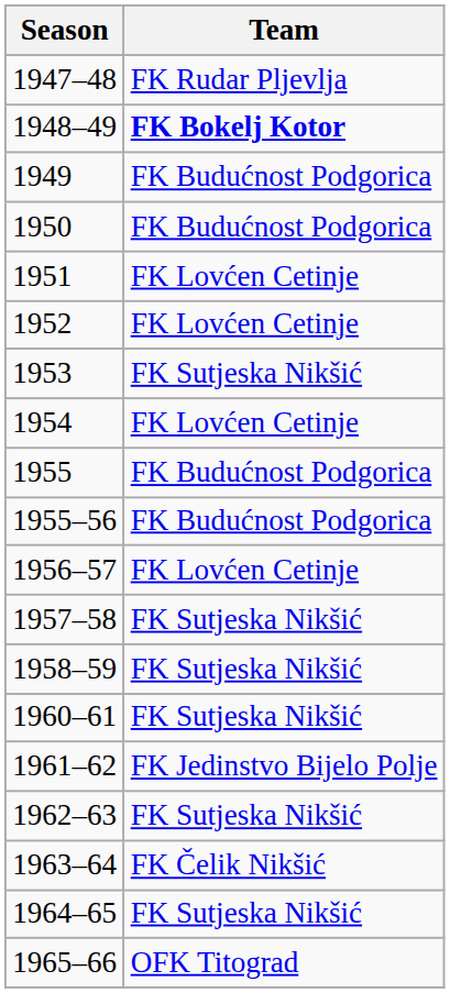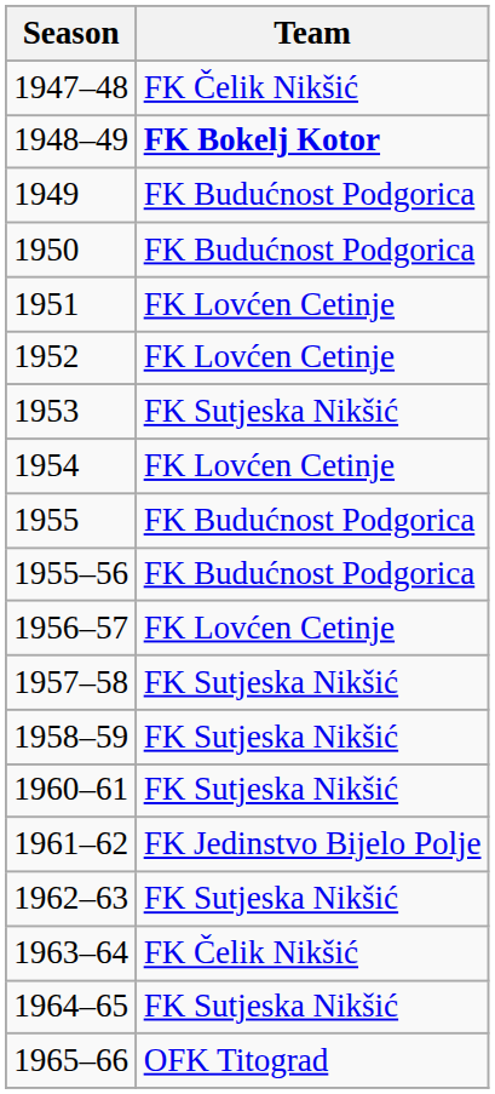 <table class="wikitable" style="font-size:90%">
 <tr>
 <th>Season</th>
 <th>Team</th>
 </tr>
 <tr>
 <td>1947–48</td>
-<td><a href='#'>FK Rudar Pljevlja</a></td>
+<td><a href='#'>FK Čelik Nikšić</a></td>
 </tr>
 <tr>
 <td>1948–49</td>
 <td><strong><a href='#'>FK Bokelj Kotor</a></strong></td>
 </tr>
 <tr>
 <td>1949</td>
 <td><a href='#'>FK Budućnost Podgorica</a></td>
 </tr>
 <tr>
 <td>1950</td>
 <td><a href='#'>FK Budućnost Podgorica</a></td>
 </tr>
 <tr>
 <td>1951</td>
 <td><a href='#'>FK Lovćen Cetinje</a></td>
 </tr>
 <tr>
 <td>1952</td>
 <td><a href='#'>FK Lovćen Cetinje</a></td>
 </tr>
 <tr>
 <td>1953</td>
 <td><a href='#'>FK Sutjeska Nikšić</a></td>
 </tr>
 <tr>
 <td>1954</td>
 <td><a href='#'>FK Lovćen Cetinje</a></td>
 </tr>
 <tr>
 <td>1955</td>
 <td><a href='#'>FK Budućnost Podgorica</a></td>
 </tr>
 <tr>
 <td>1955–56</td>
 <td><a href='#'>FK Budućnost Podgorica</a></td>
 </tr>
 <tr>
 <td>1956–57</td>
 <td><a href='#'>FK Lovćen Cetinje</a></td>
 </tr>
 <tr>
 <td>1957–58</td>
 <td><a href='#'>FK Sutjeska Nikšić</a></td>
 </tr>
 <tr>
 <td>1958–59</td>
 <td><a href='#'>FK Sutjeska Nikšić</a></td>
 </tr>
 <tr>
 <td>1960–61</td>
 <td><a href='#'>FK Sutjeska Nikšić</a></td>
 </tr>
 <tr>
 <td>1961–62</td>
 <td><a href='#'>FK Jedinstvo Bijelo Polje</a></td>
 </tr>
 <tr>
 <td>1962–63</td>
 <td><a href='#'>FK Sutjeska Nikšić</a></td>
 </tr>
 <tr>
 <td>1963–64</td>
 <td><a href='#'>FK Čelik Nikšić</a></td>
 </tr>
 <tr>
 <td>1964–65</td>
 <td><a href='#'>FK Sutjeska Nikšić</a></td>
 </tr>
 <tr>
 <td>1965–66</td>
 <td><a href='#'>OFK Titograd</a></td>
 </tr>
 </table>
